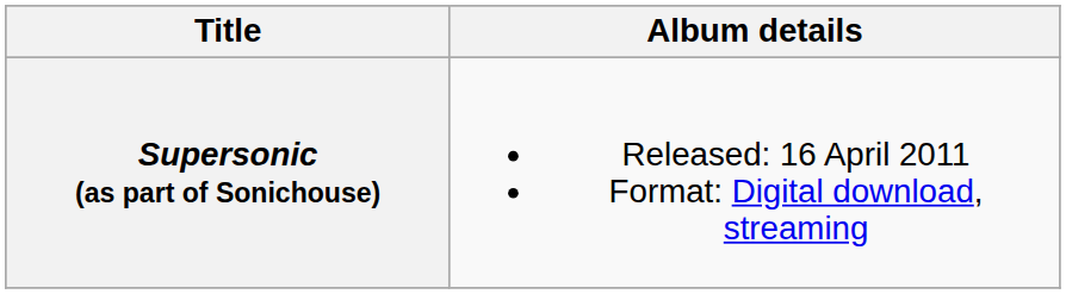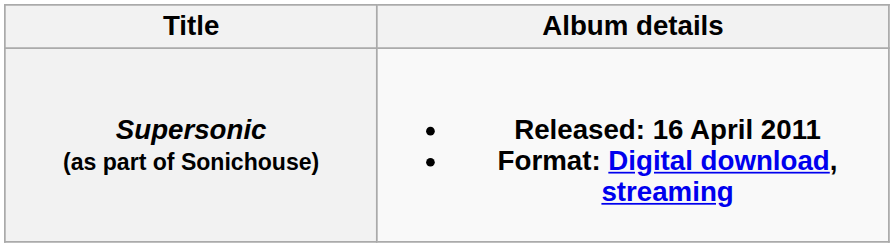 <table class="wikitable plainrowheaders" style="text-align:center;">
 <tr>
 <th scope="col" style="width:13em;">Title</th>
 <th scope="col" style="width:18em;">Album details</th>
 </tr>
 <tr>
 <th scope="row"><em>Supersonic</em><br><small>(as part of Sonichouse)</small></th>
-<td><br><ul><li>Released: 16 April 2011</li><li>Format: <a href='#'>Digital download</a>, <a href='#'>streaming</a></li></ul></td>
+<td><strong><br><ul><li>Released: 16 April 2011</li><li>Format: <a href='#'>Digital download</a>, <a href='#'>streaming</a></li></ul></strong></td>
 </tr>
 </table>
